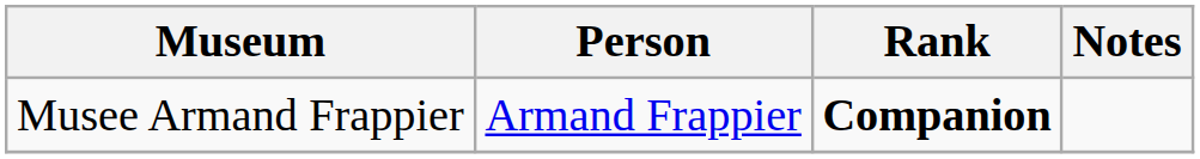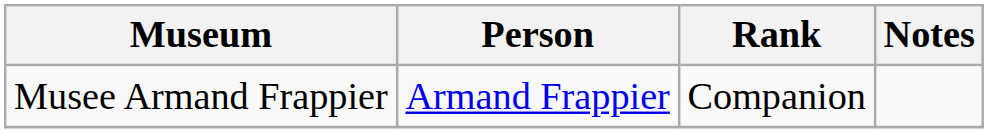 <table class="wikitable">
 <tr>
 <th>Museum</th>
 <th>Person</th>
 <th>Rank</th>
 <th>Notes</th>
 </tr>
 <tr>
 <td>Musee Armand Frappier</td>
 <td><a href='#'>Armand Frappier</a></td>
-<td><strong>Companion</strong></td>
+<td>Companion</td>
 <td></td>
 </tr>
 <tr>
 </tr>
 </table>
